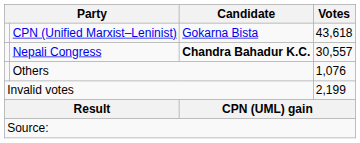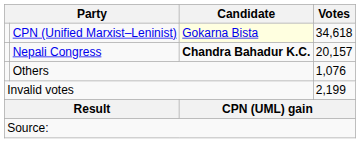 <table class="wikitable">
 <tr>
 <th colspan="2">Party</th>
 <th>Candidate</th>
 <th>Votes</th>
 </tr>
 <tr>
 <td style="background-color:"></td>
 <td><a href='#'>CPN (Unified Marxist–Leninist)</a></td>
-<td><a href='#'>Gokarna Bista</a></td>
-<td>43,618</td>
+<td style="background: lightyellow;"><a href='#'>Gokarna Bista</a></td>
+<td>34,618</td>
 </tr>
 <tr>
 <td style="background-color:"></td>
 <td><a href='#'>Nepali Congress</a></td>
 <td><strong>Chandra Bahadur K.C.</strong></td>
-<td>30,557</td>
+<td>20,157</td>
 </tr>
 <tr>
 <td></td>
 <td colspan="2">Others</td>
 <td>1,076</td>
 </tr>
 <tr>
 <td colspan="3">Invalid votes</td>
 <td>2,199</td>
 </tr>
 <tr>
 <th colspan="2">Result</th>
 <th colspan="2">CPN (UML) gain</th>
 </tr>
 <tr>
 <td colspan="4">Source: </td>
 </tr>
 </table>
